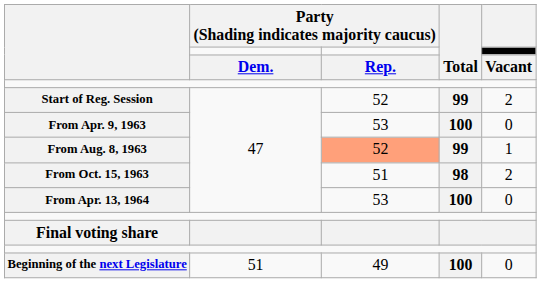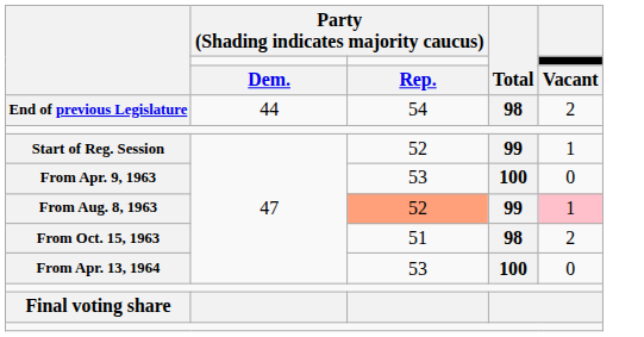 <table class=wikitable style="text-align:center">
 <tr style="vertical-align:bottom;">
 <th rowspan=3></th>
 <th colspan=2>Party <div>(Shading indicates majority caucus)</div></th>
 <th rowspan=3>Total</th>
 <th></th>
 </tr>
 <tr style="height:5px">
 <td style="background-color:"></td>
 <td style="background-color:"></td>
 <td style="background:black;"></td>
 </tr>
 <tr>
 <th><a href='#'>Dem.</a></th>
 <th><a href='#'>Rep.</a></th>
 <th>Vacant</th>
 </tr>
 <tr>
+<th style="font-size:80%;">End of <a href='#'>previous Legislature</a></th>
+<td>44</td>
+<td>54</td>
+<th>98</th>
+<td>2</td>
+</tr>
+<tr>
 <td colspan=5></td>
 </tr>
 <tr>
 <th style="font-size:80%;">Start of Reg. Session</th>
 <td rowspan="5">47</td>
 <td>52</td>
 <th>99</th>
-<td>2</td>
+<td>1</td>
 </tr>
 <tr>
 <th style="font-size:80%;">From Apr. 9, 1963</th>
 <td>53</td>
 <th>100</th>
 <td>0</td>
 </tr>
 <tr>
 <th style="font-size:80%;">From Aug. 8, 1963</th>
 <td style="background: lightsalmon;">52</td>
 <th>99</th>
-<td>1</td>
+<td style="background: pink;">1</td>
 </tr>
 <tr>
 <th style="font-size:80%;">From Oct. 15, 1963</th>
 <td>51</td>
 <th>98</th>
 <td>2</td>
 </tr>
 <tr>
 <th style="font-size:80%;">From Apr. 13, 1964</th>
 <td>53</td>
 <th>100</th>
 <td>0</td>
 </tr>
 <tr>
 <td colspan=5></td>
 </tr>
 <tr>
 <th>Final voting share</th>
 <th></th>
 <th></th>
 <th colspan=2></th>
 </tr>
 <tr>
 <td colspan=5></td>
 </tr>
-<tr>
-<th style="font-size:80%;">Beginning of the <a href='#'>next Legislature</a></th>
-<td>51</td>
-<td>49</td>
-<th>100</th>
-<td>0</td>
-</tr>
 </table>
